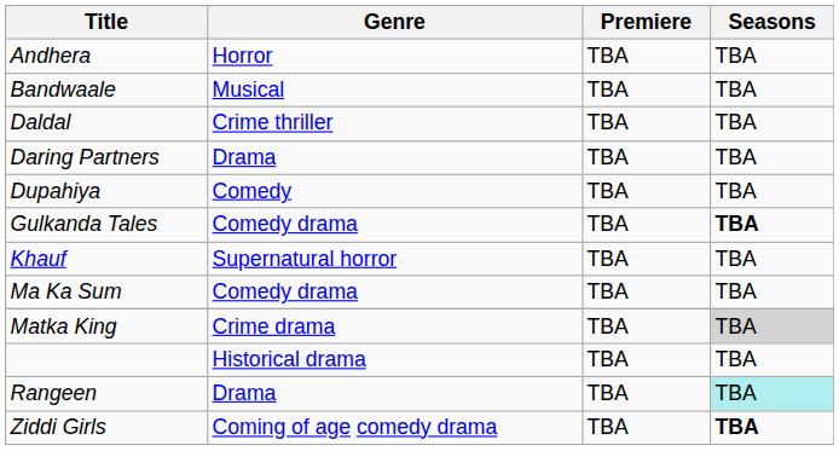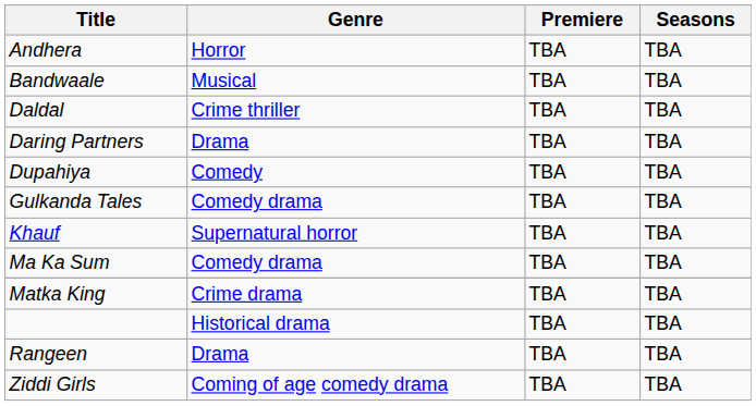 <table class="wikitable sortable" style="width:100%;">
 <tr>
 <th>Title</th>
 <th>Genre</th>
 <th>Premiere</th>
 <th>Seasons</th>
 </tr>
 <tr>
 <td><em>Andhera</em></td>
 <td><a href='#'>Horror</a></td>
 <td>TBA</td>
 <td>TBA</td>
 </tr>
 <tr>
 <td><em>Bandwaale</em></td>
 <td><a href='#'>Musical</a></td>
 <td>TBA</td>
 <td>TBA</td>
 </tr>
 <tr>
 <td><em>Daldal</em></td>
 <td><a href='#'>Crime thriller</a></td>
 <td>TBA</td>
 <td>TBA</td>
 </tr>
 <tr>
 <td><em>Daring Partners</em></td>
 <td><a href='#'>Drama</a></td>
 <td>TBA</td>
 <td>TBA</td>
 </tr>
 <tr>
 <td><em>Dupahiya</em></td>
 <td><a href='#'>Comedy</a></td>
 <td>TBA</td>
 <td>TBA</td>
 </tr>
 <tr>
 <td><em>Gulkanda Tales</em></td>
 <td><a href='#'>Comedy drama</a></td>
 <td>TBA</td>
-<td><strong>TBA</strong></td>
+<td>TBA</td>
 </tr>
 <tr>
 <td><em><a href='#'>Khauf</a></em></td>
 <td><a href='#'>Supernatural horror</a></td>
 <td>TBA</td>
 <td>TBA</td>
 </tr>
 <tr>
 <td><em>Ma Ka Sum</em></td>
 <td><a href='#'>Comedy drama</a></td>
 <td>TBA</td>
 <td>TBA</td>
 </tr>
 <tr>
 </tr>
 <tr>
 <td><em>Matka King</em></td>
 <td><a href='#'>Crime drama</a></td>
 <td>TBA</td>
-<td style="background: lightgrey;">TBA</td>
+<td>TBA</td>
 </tr>
 <tr>
 <td><em></em></td>
 <td><a href='#'>Historical drama</a></td>
 <td>TBA</td>
 <td>TBA</td>
 </tr>
 <tr>
 <td><em>Rangeen</em></td>
 <td><a href='#'>Drama</a></td>
 <td>TBA</td>
-<td style="background: paleturquoise;">TBA</td>
+<td>TBA</td>
 </tr>
 <tr>
 <td><em>Ziddi Girls</em></td>
 <td><a href='#'>Coming of age</a> <a href='#'>comedy drama</a></td>
 <td>TBA</td>
-<td><strong>TBA</strong></td>
+<td>TBA</td>
 </tr>
 </table>
